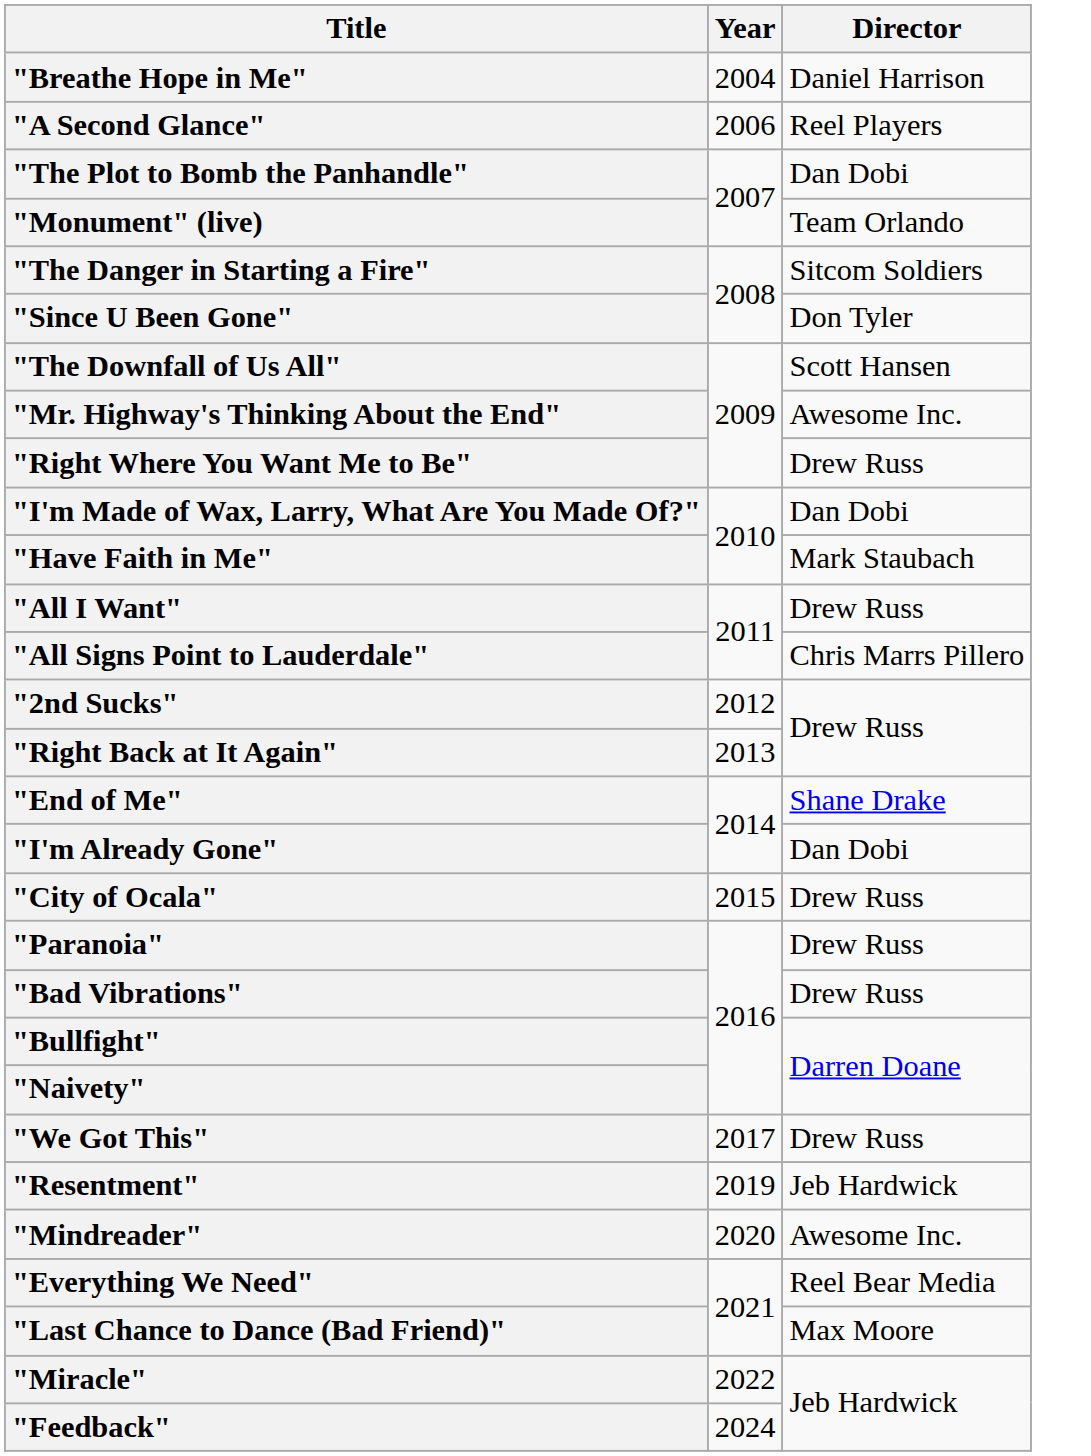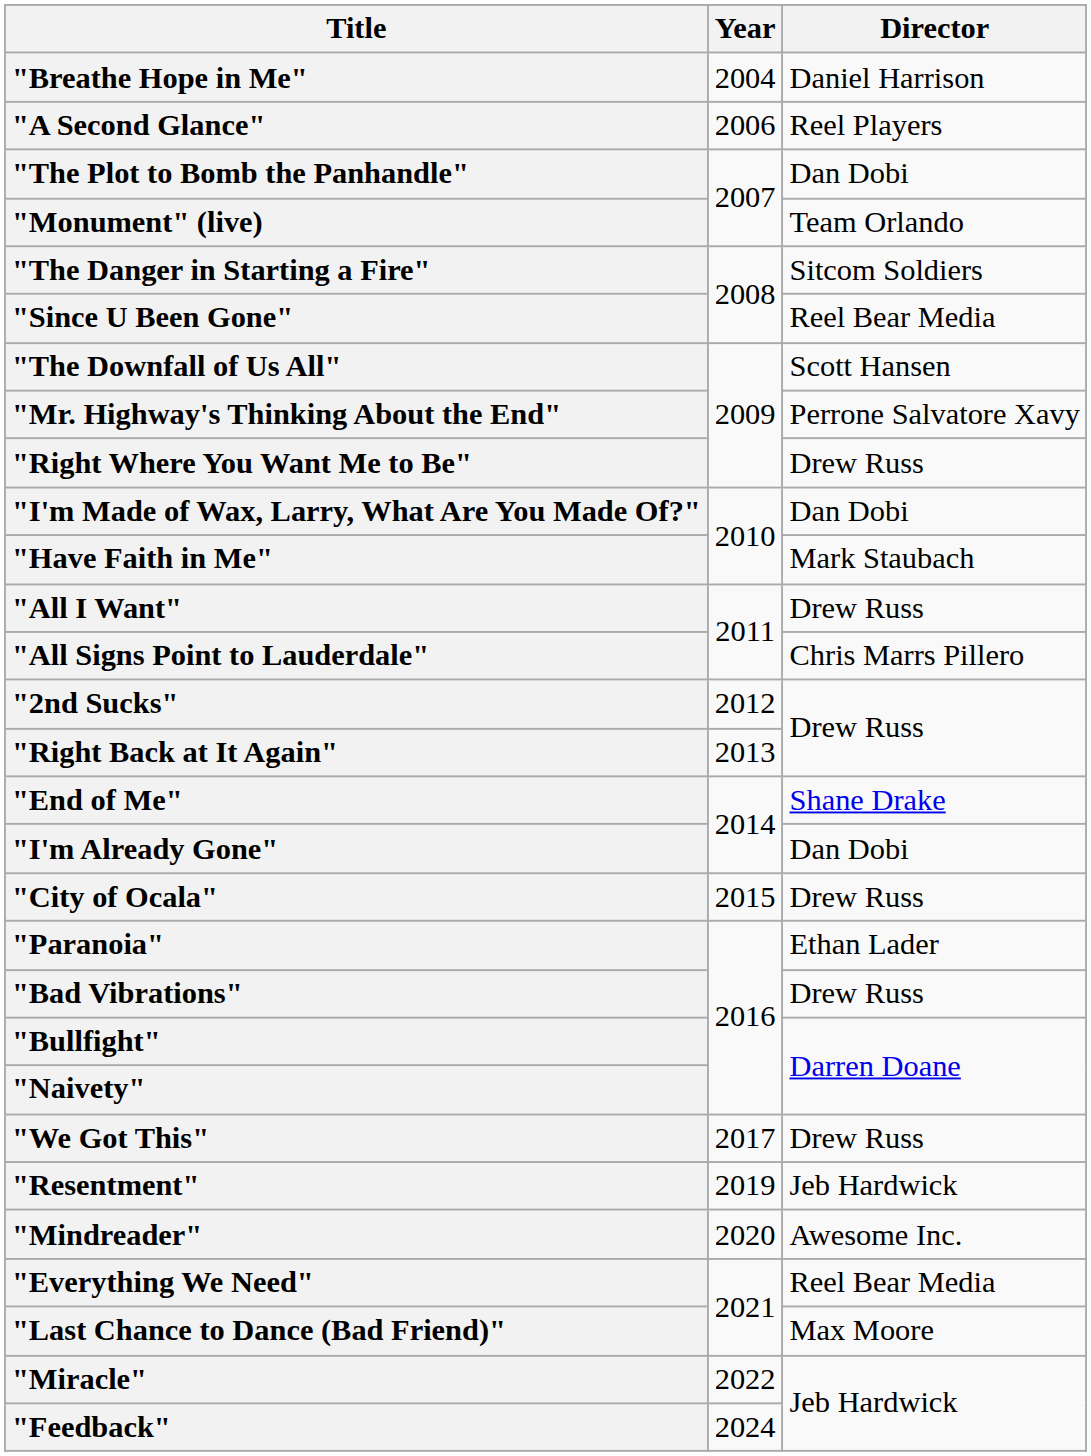 <table class="wikitable plainrowheaders" style="text-align:center;">
 <tr>
 <th scope=col>Title</th>
 <th scope=col>Year</th>
 <th scope=col>Director</th>
 </tr>
 <tr>
 <th scope="row" style="text-align:left;">"Breathe Hope in Me"</th>
 <td style="text-align:center;">2004</td>
 <td style="text-align:left;">Daniel Harrison</td>
 </tr>
 <tr>
 <th scope="row" style="text-align:left;">"A Second Glance"</th>
 <td style="text-align:center;">2006</td>
 <td style="text-align:left;">Reel Players</td>
 </tr>
 <tr>
 <th scope="row" style="text-align:left;">"The Plot to Bomb the Panhandle"</th>
 <td rowspan="2" style="text-align:center;">2007</td>
 <td style="text-align:left;">Dan Dobi</td>
 </tr>
 <tr>
 <th scope="row" style="text-align:left;">"Monument" (live)</th>
 <td style="text-align:left;">Team Orlando</td>
 </tr>
 <tr>
 <th scope="row" style="text-align:left;">"The Danger in Starting a Fire"</th>
 <td rowspan="2" style="text-align:center;">2008</td>
 <td style="text-align:left;">Sitcom Soldiers</td>
 </tr>
 <tr>
 <th scope="row" style="text-align:left;">"Since U Been Gone"</th>
-<td style="text-align:left;">Don Tyler</td>
+<td style="text-align:left;">Reel Bear Media</td>
 </tr>
 <tr>
 <th scope="row" style="text-align:left;">"The Downfall of Us All"</th>
 <td rowspan="3" style="text-align:center;">2009</td>
 <td style="text-align:left;">Scott Hansen</td>
 </tr>
 <tr>
 <th scope="row" style="text-align:left;">"Mr. Highway's Thinking About the End"</th>
-<td style="text-align:left;">Awesome Inc.</td>
+<td style="text-align:left;">Perrone Salvatore Xavy</td>
 </tr>
 <tr>
 <th scope="row" style="text-align:left;">"Right Where You Want Me to Be"</th>
 <td style="text-align:left;">Drew Russ</td>
 </tr>
 <tr>
 <th scope="row" style="text-align:left;">"I'm Made of Wax, Larry, What Are You Made Of?"</th>
 <td rowspan="2" style="text-align:center;">2010</td>
 <td style="text-align:left;">Dan Dobi</td>
 </tr>
 <tr>
 <th scope="row" style="text-align:left;">"Have Faith in Me"</th>
 <td style="text-align:left;">Mark Staubach</td>
 </tr>
 <tr>
 <th scope="row" style="text-align:left;">"All I Want"</th>
 <td rowspan="2" style="text-align:center;">2011</td>
 <td style="text-align:left;">Drew Russ</td>
 </tr>
 <tr>
 <th scope="row" style="text-align:left;">"All Signs Point to Lauderdale"</th>
 <td style="text-align:left;">Chris Marrs Pillero</td>
 </tr>
 <tr>
 <th scope="row" style="text-align:left;">"2nd Sucks"</th>
 <td style="text-align:center;">2012</td>
 <td style="text-align:left;" rowspan="2">Drew Russ</td>
 </tr>
 <tr>
 <th scope="row" style="text-align:left;">"Right Back at It Again"</th>
 <td style="text-align:center;">2013</td>
 </tr>
 <tr>
 <th scope="row" style="text-align:left;">"End of Me"</th>
 <td style="text-align:center;" rowspan="2">2014</td>
 <td style="text-align:left;"><a href='#'>Shane Drake</a></td>
 </tr>
 <tr>
 <th scope="row" style="text-align:left;">"I'm Already Gone"</th>
 <td style="text-align:left;">Dan Dobi</td>
 </tr>
 <tr>
 <th scope="row" style="text-align:left;">"City of Ocala"</th>
 <td style="text-align:center;">2015</td>
 <td style="text-align:left;">Drew Russ</td>
 </tr>
 <tr>
 <th scope="row" style="text-align:left;">"Paranoia"</th>
 <td style="text-align:center;" rowspan="4">2016</td>
-<td style="text-align:left;">Drew Russ</td>
+<td style="text-align:left;">Ethan Lader</td>
 </tr>
 <tr>
 <th scope="row" style="text-align:left;">"Bad Vibrations"</th>
 <td style="text-align:left;">Drew Russ</td>
 </tr>
 <tr>
 <th scope="row" style="text-align:left;">"Bullfight"</th>
 <td style="text-align:left;" rowspan="2"><a href='#'>Darren Doane</a></td>
 </tr>
 <tr>
 <th scope="row" style="text-align:left;">"Naivety"</th>
 </tr>
 <tr>
 <th scope="row" style="text-align:left;">"We Got This"</th>
 <td style="text-align:center;">2017</td>
 <td style="text-align:left;">Drew Russ</td>
 </tr>
 <tr>
 <th scope="row" style="text-align:left;">"Resentment"</th>
 <td style="text-align:center;">2019</td>
 <td style="text-align:left;">Jeb Hardwick</td>
 </tr>
 <tr>
 <th scope="row" style="text-align:left;">"Mindreader"</th>
 <td style="text-align:center;">2020</td>
 <td style="text-align:left;">Awesome Inc.</td>
 </tr>
 <tr>
 <th scope="row" style="text-align:left;">"Everything We Need"</th>
 <td style="text-align:center;" rowspan="2">2021</td>
 <td style="text-align:left;">Reel Bear Media</td>
 </tr>
 <tr>
 <th scope="row" style="text-align:left;">"Last Chance to Dance (Bad Friend)"</th>
 <td style="text-align:left;">Max Moore</td>
 </tr>
 <tr>
 <th scope="row" style="text-align:left;">"Miracle"</th>
 <td style="text-align:center;">2022</td>
 <td rowspan="2" style="text-align:left;">Jeb Hardwick</td>
 </tr>
 <tr>
 <th scope="row" style="text-align:left;">"Feedback"</th>
 <td style="text-align:center;">2024</td>
 </tr>
 </table>
